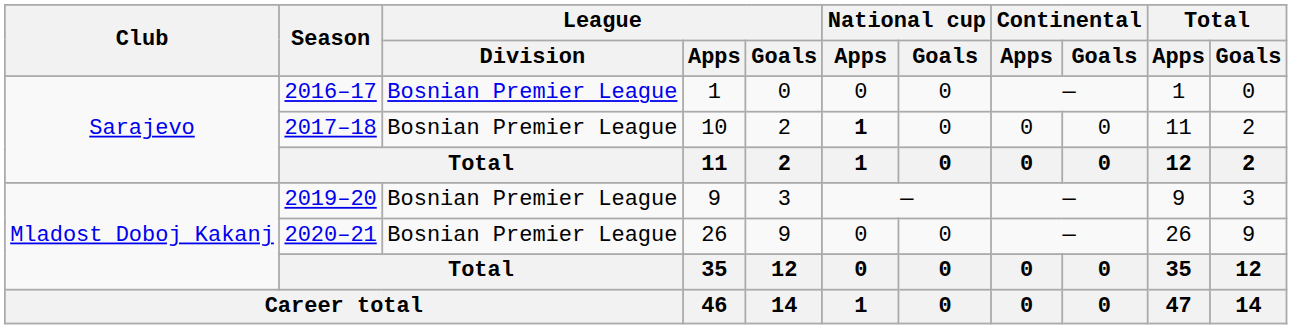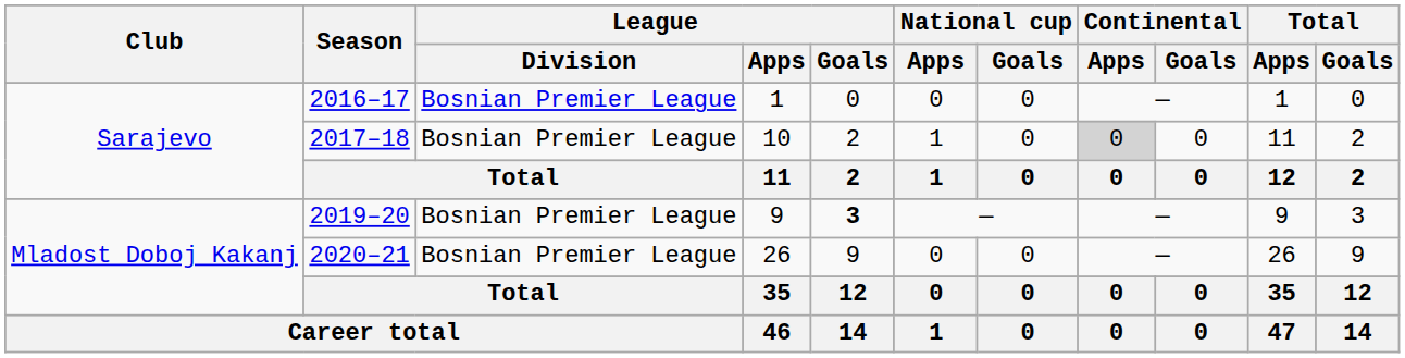 <table class=wikitable style="text-align: center;font-size:95%">
 <tr>
 <th rowspan=2>Club</th>
 <th rowspan=2>Season</th>
 <th colspan=3>League</th>
 <th colspan=2>National cup</th>
 <th colspan=2>Continental</th>
 <th colspan=2>Total</th>
 </tr>
 <tr>
 <th>Division</th>
 <th>Apps</th>
 <th>Goals</th>
 <th>Apps</th>
 <th>Goals</th>
 <th>Apps</th>
 <th>Goals</th>
 <th>Apps</th>
 <th>Goals</th>
 </tr>
 <tr>
 <td rowspan=3><a href='#'>Sarajevo</a></td>
 <td><a href='#'>2016–17</a></td>
 <td><a href='#'>Bosnian Premier League</a></td>
 <td>1</td>
 <td>0</td>
 <td>0</td>
 <td>0</td>
 <td colspan=2>—</td>
 <td>1</td>
 <td>0</td>
 </tr>
 <tr>
 <td><a href='#'>2017–18</a></td>
 <td>Bosnian Premier League</td>
 <td>10</td>
 <td>2</td>
-<td><strong>1</strong></td>
+<td>1</td>
 <td>0</td>
-<td>0</td>
+<td style="background: lightgrey;">0</td>
 <td>0</td>
 <td>11</td>
 <td>2</td>
 </tr>
 <tr>
 <th colspan=2>Total</th>
 <th>11</th>
 <th>2</th>
 <th>1</th>
 <th>0</th>
 <th>0</th>
 <th>0</th>
 <th>12</th>
 <th>2</th>
 </tr>
 <tr>
 <td rowspan=3><a href='#'>Mladost Doboj Kakanj</a></td>
 <td><a href='#'>2019–20</a></td>
 <td>Bosnian Premier League</td>
 <td>9</td>
-<td>3</td>
+<td><strong>3</strong></td>
 <td colspan=2>—</td>
 <td colspan=2>—</td>
 <td>9</td>
 <td>3</td>
 </tr>
 <tr>
 <td><a href='#'>2020–21</a></td>
 <td>Bosnian Premier League</td>
 <td>26</td>
 <td>9</td>
 <td>0</td>
 <td>0</td>
 <td colspan=2>—</td>
 <td>26</td>
 <td>9</td>
 </tr>
 <tr>
 <th colspan=2>Total</th>
 <th>35</th>
 <th>12</th>
 <th>0</th>
 <th>0</th>
 <th>0</th>
 <th>0</th>
 <th>35</th>
 <th>12</th>
 </tr>
 <tr>
 <th colspan=3>Career total</th>
 <th>46</th>
 <th>14</th>
 <th>1</th>
 <th>0</th>
 <th>0</th>
 <th>0</th>
 <th>47</th>
 <th>14</th>
 </tr>
 </table>
